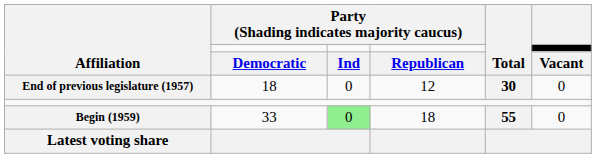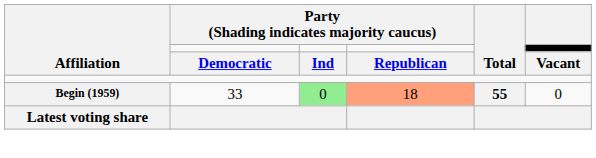 <table class=wikitable style="text-align:center; width:50%">
 <tr style="vertical-align:bottom;">
 <th rowspan=3>Affiliation</th>
 <th colspan=3>Party <div>(Shading indicates majority caucus)</div></th>
 <th rowspan=3>Total</th>
 <th></th>
 </tr>
 <tr style="height:5px">
 <td style="background-color:"></td>
 <td style="background-color:"></td>
 <td style="background-color:"></td>
 <td style="background-color:black"></td>
 </tr>
 <tr>
 <th><a href='#'>Democratic</a></th>
 <th><a href='#'>Ind</a></th>
 <th><a href='#'>Republican</a></th>
 <th>Vacant</th>
 </tr>
 <tr>
-<th nowrap style="font-size:80%">End of previous legislature (1957)</th>
-<td>18</td>
-<td>0</td>
-<td>12</td>
-<th>30</th>
-<td>0</td>
-</tr>
-<tr>
 <td colspan=6></td>
 </tr>
 <tr>
 <th nowrap style="font-size:80%">Begin (1959)</th>
 <td>33</td>
 <td style="background: lightgreen;">0</td>
-<td>18</td>
+<td style="background: lightsalmon;">18</td>
 <th>55</th>
 <td>0</td>
 </tr>
 <tr>
 <th>Latest voting share</th>
 <th colspan=2 ></th>
 <th></th>
 <th colspan=2></th>
 </tr>
 </table>
